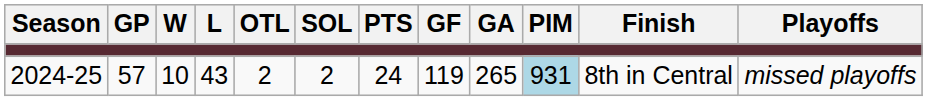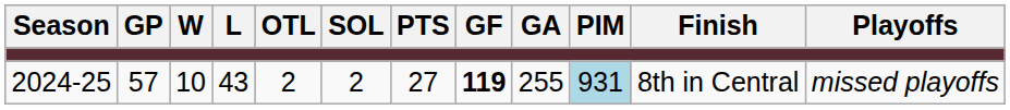 <table class="wikitable" style="text-align:center">
 <tr>
 <th>Season</th>
 <th>GP</th>
 <th>W</th>
 <th>L</th>
 <th>OTL</th>
 <th>SOL</th>
 <th>PTS</th>
 <th>GF</th>
 <th>GA</th>
 <th>PIM</th>
 <th>Finish</th>
 <th>Playoffs</th>
 </tr>
 <tr style="color:white; background:#572932; ">
 <td colspan="12"></td>
 </tr>
 <tr>
 <td>2024-25</td>
 <td>57</td>
 <td>10</td>
 <td>43</td>
 <td>2</td>
 <td>2</td>
-<td>24</td>
-<td>119</td>
-<td>265</td>
+<td>27</td>
+<td><strong>119</strong></td>
+<td>255</td>
 <td style="background: lightblue;">931</td>
 <td>8th in Central</td>
 <td><em>missed playoffs</em></td>
 </tr>
 </table>
